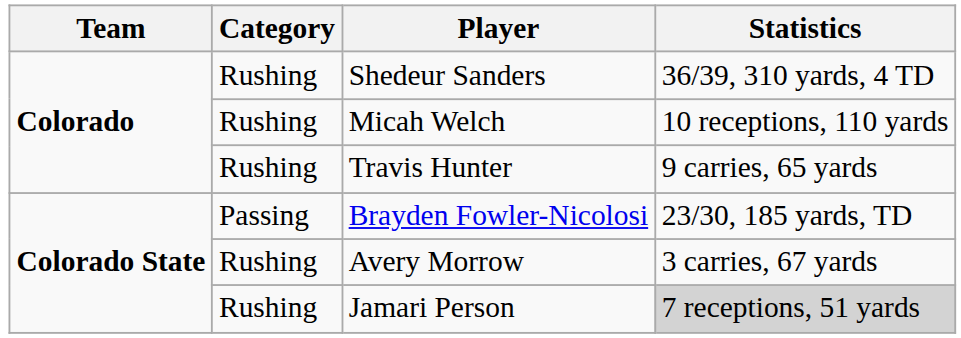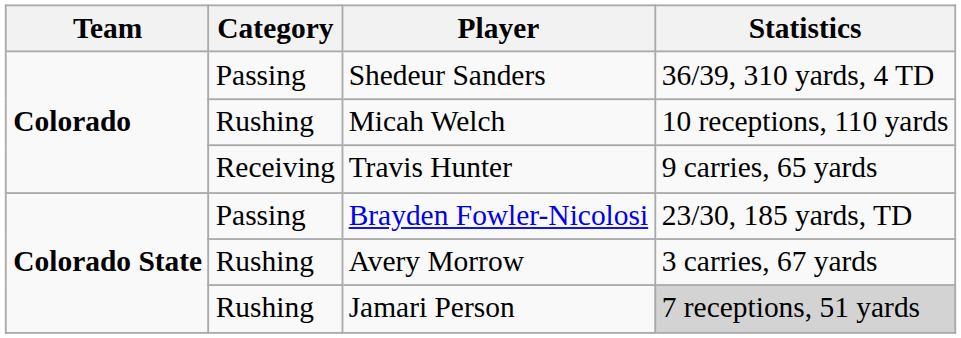 <table class="wikitable" style="float: right;">
 <tr>
 <th>Team</th>
 <th>Category</th>
 <th>Player</th>
 <th>Statistics</th>
 </tr>
 <tr>
 <td rowspan=3><strong>Colorado</strong></td>
-<td>Rushing</td>
+<td>Passing</td>
 <td>Shedeur Sanders</td>
 <td>36/39, 310 yards, 4 TD</td>
 </tr>
 <tr>
 <td>Rushing</td>
 <td>Micah Welch</td>
 <td>10 receptions, 110 yards</td>
 </tr>
 <tr>
-<td>Rushing</td>
+<td>Receiving</td>
 <td>Travis Hunter</td>
 <td>9 carries, 65 yards</td>
 </tr>
 <tr>
 <td rowspan=3><strong>Colorado State</strong></td>
 <td>Passing</td>
 <td><a href='#'>Brayden Fowler-Nicolosi</a></td>
 <td>23/30, 185 yards, TD</td>
 </tr>
 <tr>
 <td>Rushing</td>
 <td>Avery Morrow</td>
 <td>3 carries, 67 yards</td>
 </tr>
 <tr>
 <td>Rushing</td>
 <td>Jamari Person</td>
 <td style="background: lightgrey;">7 receptions, 51 yards</td>
 </tr>
 </table>
